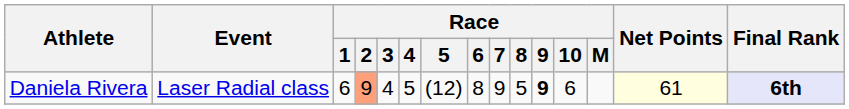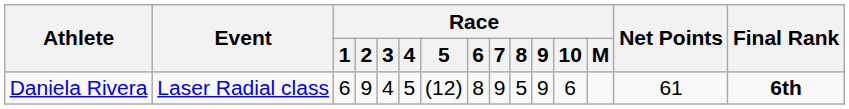 <table class="wikitable" style="font-size:90%;">
 <tr>
 <th rowspan=2>Athlete</th>
 <th rowspan=2>Event</th>
 <th colspan=11>Race</th>
 <th rowspan=2>Net Points</th>
 <th rowspan=2>Final Rank</th>
 </tr>
 <tr>
 <th>1</th>
 <th>2</th>
 <th>3</th>
 <th>4</th>
 <th>5</th>
 <th>6</th>
 <th>7</th>
 <th>8</th>
 <th>9</th>
 <th>10</th>
 <th>M</th>
 </tr>
 <tr align=center>
 <td align=left><a href='#'>Daniela Rivera</a></td>
 <td align=left><a href='#'>Laser Radial class</a></td>
 <td align=center>6</td>
-<td align=center style="background: lightsalmon;">9</td>
+<td align=center>9</td>
 <td align=center>4</td>
 <td align=center>5</td>
 <td align=center>(12)</td>
 <td align=center>8</td>
 <td align=center>9</td>
 <td align=center>5</td>
-<td align=center><strong>9</strong></td>
+<td align=center>9</td>
 <td align=center>6</td>
 <td align=center></td>
-<td align=center style="background: lightyellow;">61</td>
-<td align=center style="background: lavender;"><strong>6th</strong></td>
+<td align=center>61</td>
+<td align=center><strong>6th</strong></td>
 </tr>
 </table>
